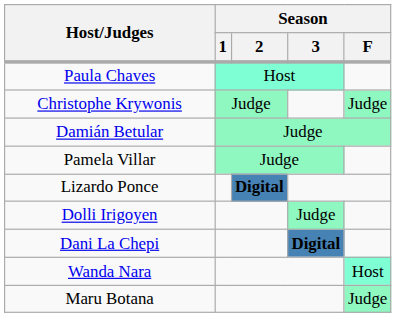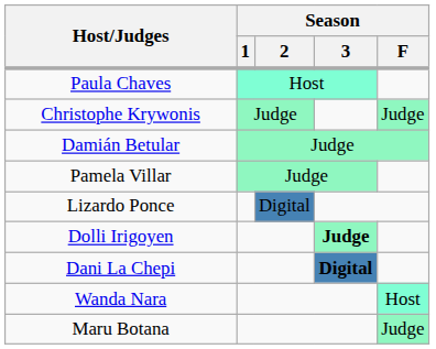 <table class="wikitable plainrowheaders" style="font-size:90%; text-align:center">
 <tr>
 <th rowspan="2" style="width:12em">Host/Judges</th>
 <th colspan="4">Season</th>
 </tr>
 <tr>
 <th>1</th>
 <th>2</th>
 <th>3</th>
 <th>F</th>
 </tr>
 <tr style="border-top:3px solid #aaa">
 <td><a href='#'>Paula Chaves</a></td>
 <td colspan="3" bgcolor="Aquamarine">Host</td>
 <td></td>
 </tr>
 <tr>
 <td><a href='#'>Christophe Krywonis</a></td>
 <td colspan="2" bgcolor="#8FF7C0">Judge</td>
 <td></td>
 <td bgcolor="#8FF7C0">Judge</td>
 </tr>
 <tr>
 <td><a href='#'>Damián Betular</a></td>
 <td colspan="4" bgcolor="#8FF7C0">Judge</td>
 </tr>
 <tr>
 <td>Pamela Villar</td>
 <td colspan="3" bgcolor="#8FF7C0">Judge</td>
 <td></td>
 </tr>
 <tr>
 <td>Lizardo Ponce</td>
 <td></td>
-<td bgcolor="steelblue"><strong>Digital</strong></td>
+<td bgcolor="steelblue">Digital</td>
 <td colspan=2></td>
 </tr>
 <tr>
 <td><a href='#'>Dolli Irigoyen</a></td>
 <td colspan="2"></td>
-<td bgcolor="#8FF7C0">Judge</td>
+<td bgcolor="#8FF7C0"><strong>Judge</strong></td>
 <td></td>
 </tr>
 <tr>
 <td><a href='#'>Dani La Chepi</a></td>
 <td colspan=2></td>
 <td bgcolor="steelblue"><strong>Digital</strong></td>
 <td></td>
 </tr>
 <tr>
 <td><a href='#'>Wanda Nara</a></td>
 <td colspan="3"></td>
 <td bgcolor="Aquamarine">Host</td>
 </tr>
 <tr>
 <td>Maru Botana</td>
 <td colspan="3"></td>
 <td bgcolor="#8FF7C0">Judge</td>
 </tr>
 </table>
